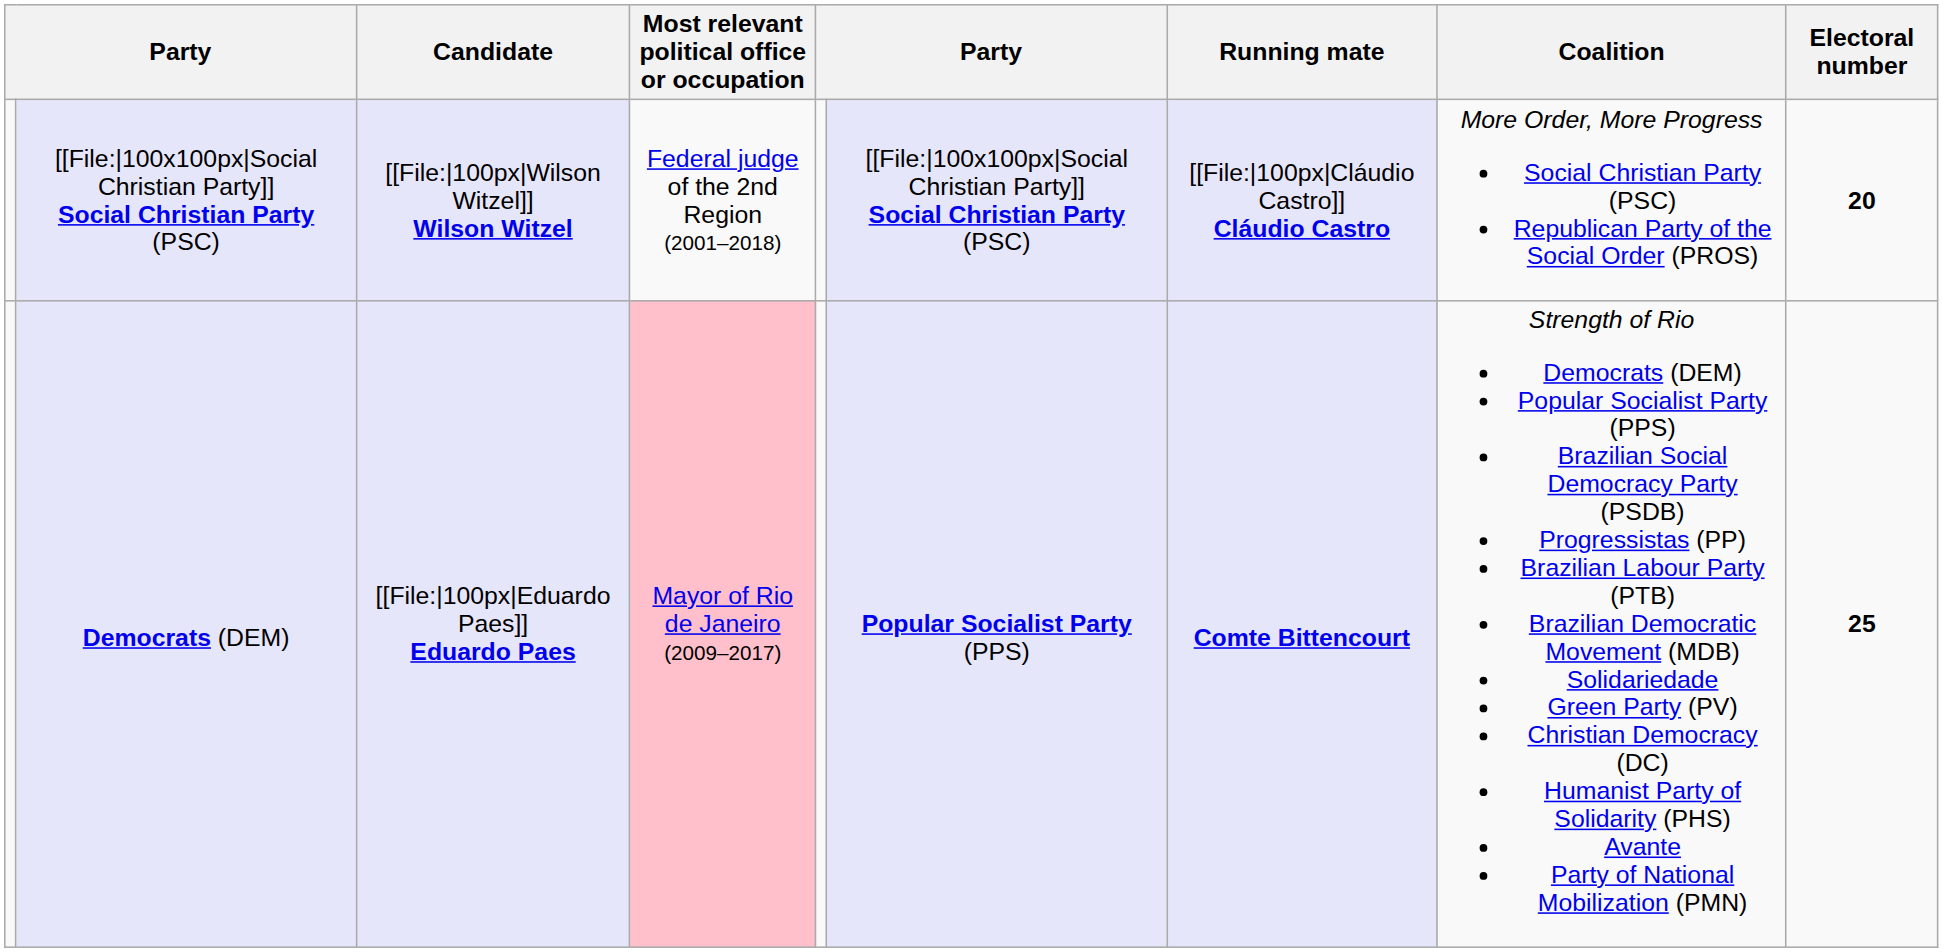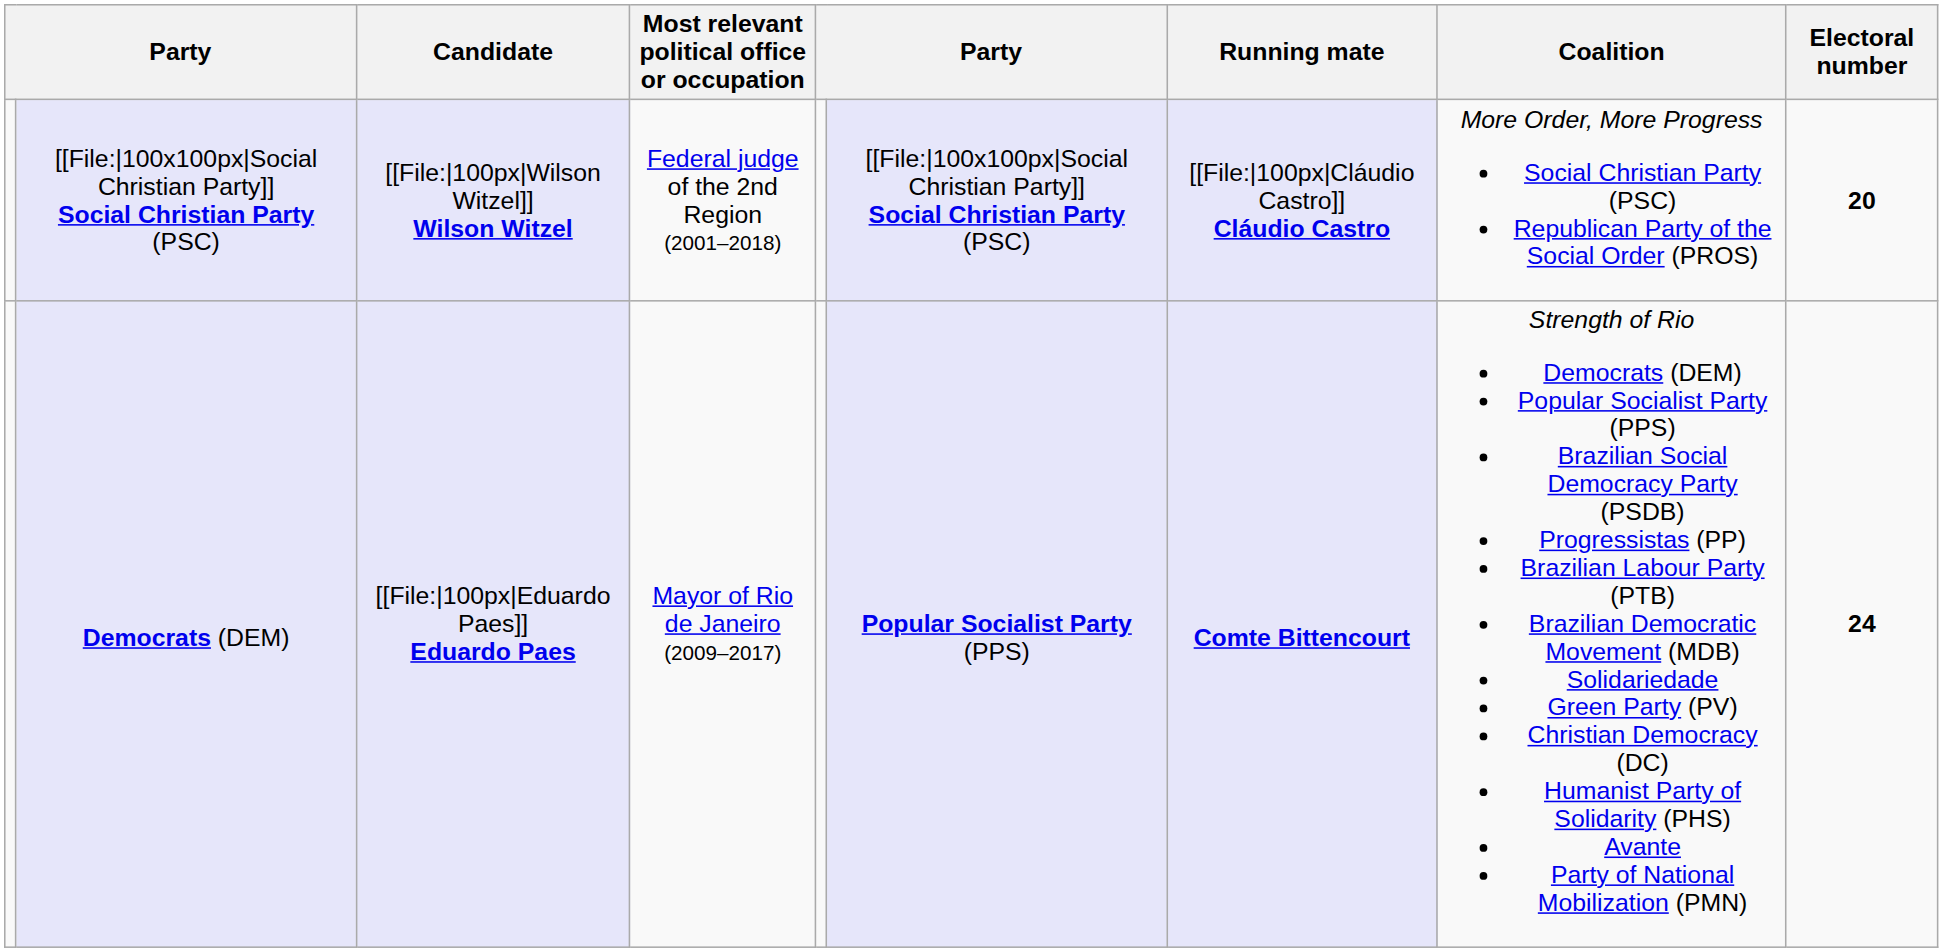 <table class="wikitable" style="text-align:center">
 <tr>
 <th colspan="2">Party</th>
 <th>Candidate</th>
 <th style="max-width:10em">Most relevant political office or occupation</th>
 <th colspan="2">Party</th>
 <th>Running mate</th>
 <th>Coalition</th>
 <th>Electoral number</th>
 </tr>
 <tr>
 <td style="background:"></td>
 <td style="background:lavender;" max-width:150px>[[File:|100x100px|Social Christian Party]]<br><strong><a href='#'>Social Christian Party</a></strong> (PSC)</td>
 <td style="background:lavender;" max-width:150px>[[File:|100px|Wilson Witzel]]<br><strong><a href='#'>Wilson Witzel</a></strong></td>
 <td style="max-width:10em"><a href='#'>Federal judge</a> of the 2nd Region<br><small>(2001–2018)</small></td>
 <td style="background:"></td>
 <td style="background:lavender;" max-width:150px>[[File:|100x100px|Social Christian Party]]<br><strong><a href='#'>Social Christian Party</a></strong> (PSC)</td>
 <td style="background:lavender;" max-width:150px>[[File:|100px|Cláudio Castro]] <br><strong><a href='#'>Cláudio Castro</a></strong></td>
 <td><em>More Order, More Progress</em><br><ul><li><a href='#'>Social Christian Party</a> (PSC)</li><li><a href='#'>Republican Party of the Social Order</a> (PROS)</li></ul></td>
 <td><strong>20</strong></td>
 </tr>
 <tr>
 <td style="background:"></td>
 <td style="background:lavender;" max-width:150px><br><strong><a href='#'>Democrats</a></strong> (DEM)</td>
 <td style="background:lavender;" max-width:150px>[[File:|100px|Eduardo Paes]]<br><strong><a href='#'>Eduardo Paes</a></strong></td>
-<td style="background: pink; max-width:10em"><a href='#'>Mayor of Rio de Janeiro</a><br><small>(2009–2017)</small></td>
+<td style="max-width:10em"><a href='#'>Mayor of Rio de Janeiro</a><br><small>(2009–2017)</small></td>
 <td style="background:"></td>
 <td style="background:lavender;" max-width:150px><br><strong><a href='#'>Popular Socialist Party</a></strong> (PPS)</td>
 <td style="background:lavender;" max-width:150px> <br><strong><a href='#'>Comte Bittencourt</a></strong></td>
 <td><em>Strength of Rio</em><br><ul><li><a href='#'>Democrats</a> (DEM)</li><li><a href='#'>Popular Socialist Party</a> (PPS)</li><li><a href='#'>Brazilian Social Democracy Party</a> (PSDB)</li><li><a href='#'>Progressistas</a> (PP)</li><li><a href='#'>Brazilian Labour Party</a> (PTB)</li><li><a href='#'>Brazilian Democratic Movement</a> (MDB)</li><li><a href='#'>Solidariedade</a></li><li><a href='#'>Green Party</a> (PV)</li><li><a href='#'>Christian Democracy</a> (DC)</li><li><a href='#'>Humanist Party of Solidarity</a> (PHS)</li><li><a href='#'>Avante</a></li><li><a href='#'>Party of National Mobilization</a> (PMN)</li></ul></td>
-<td><strong>25</strong></td>
+<td><strong>24</strong></td>
 </tr>
 </table>
